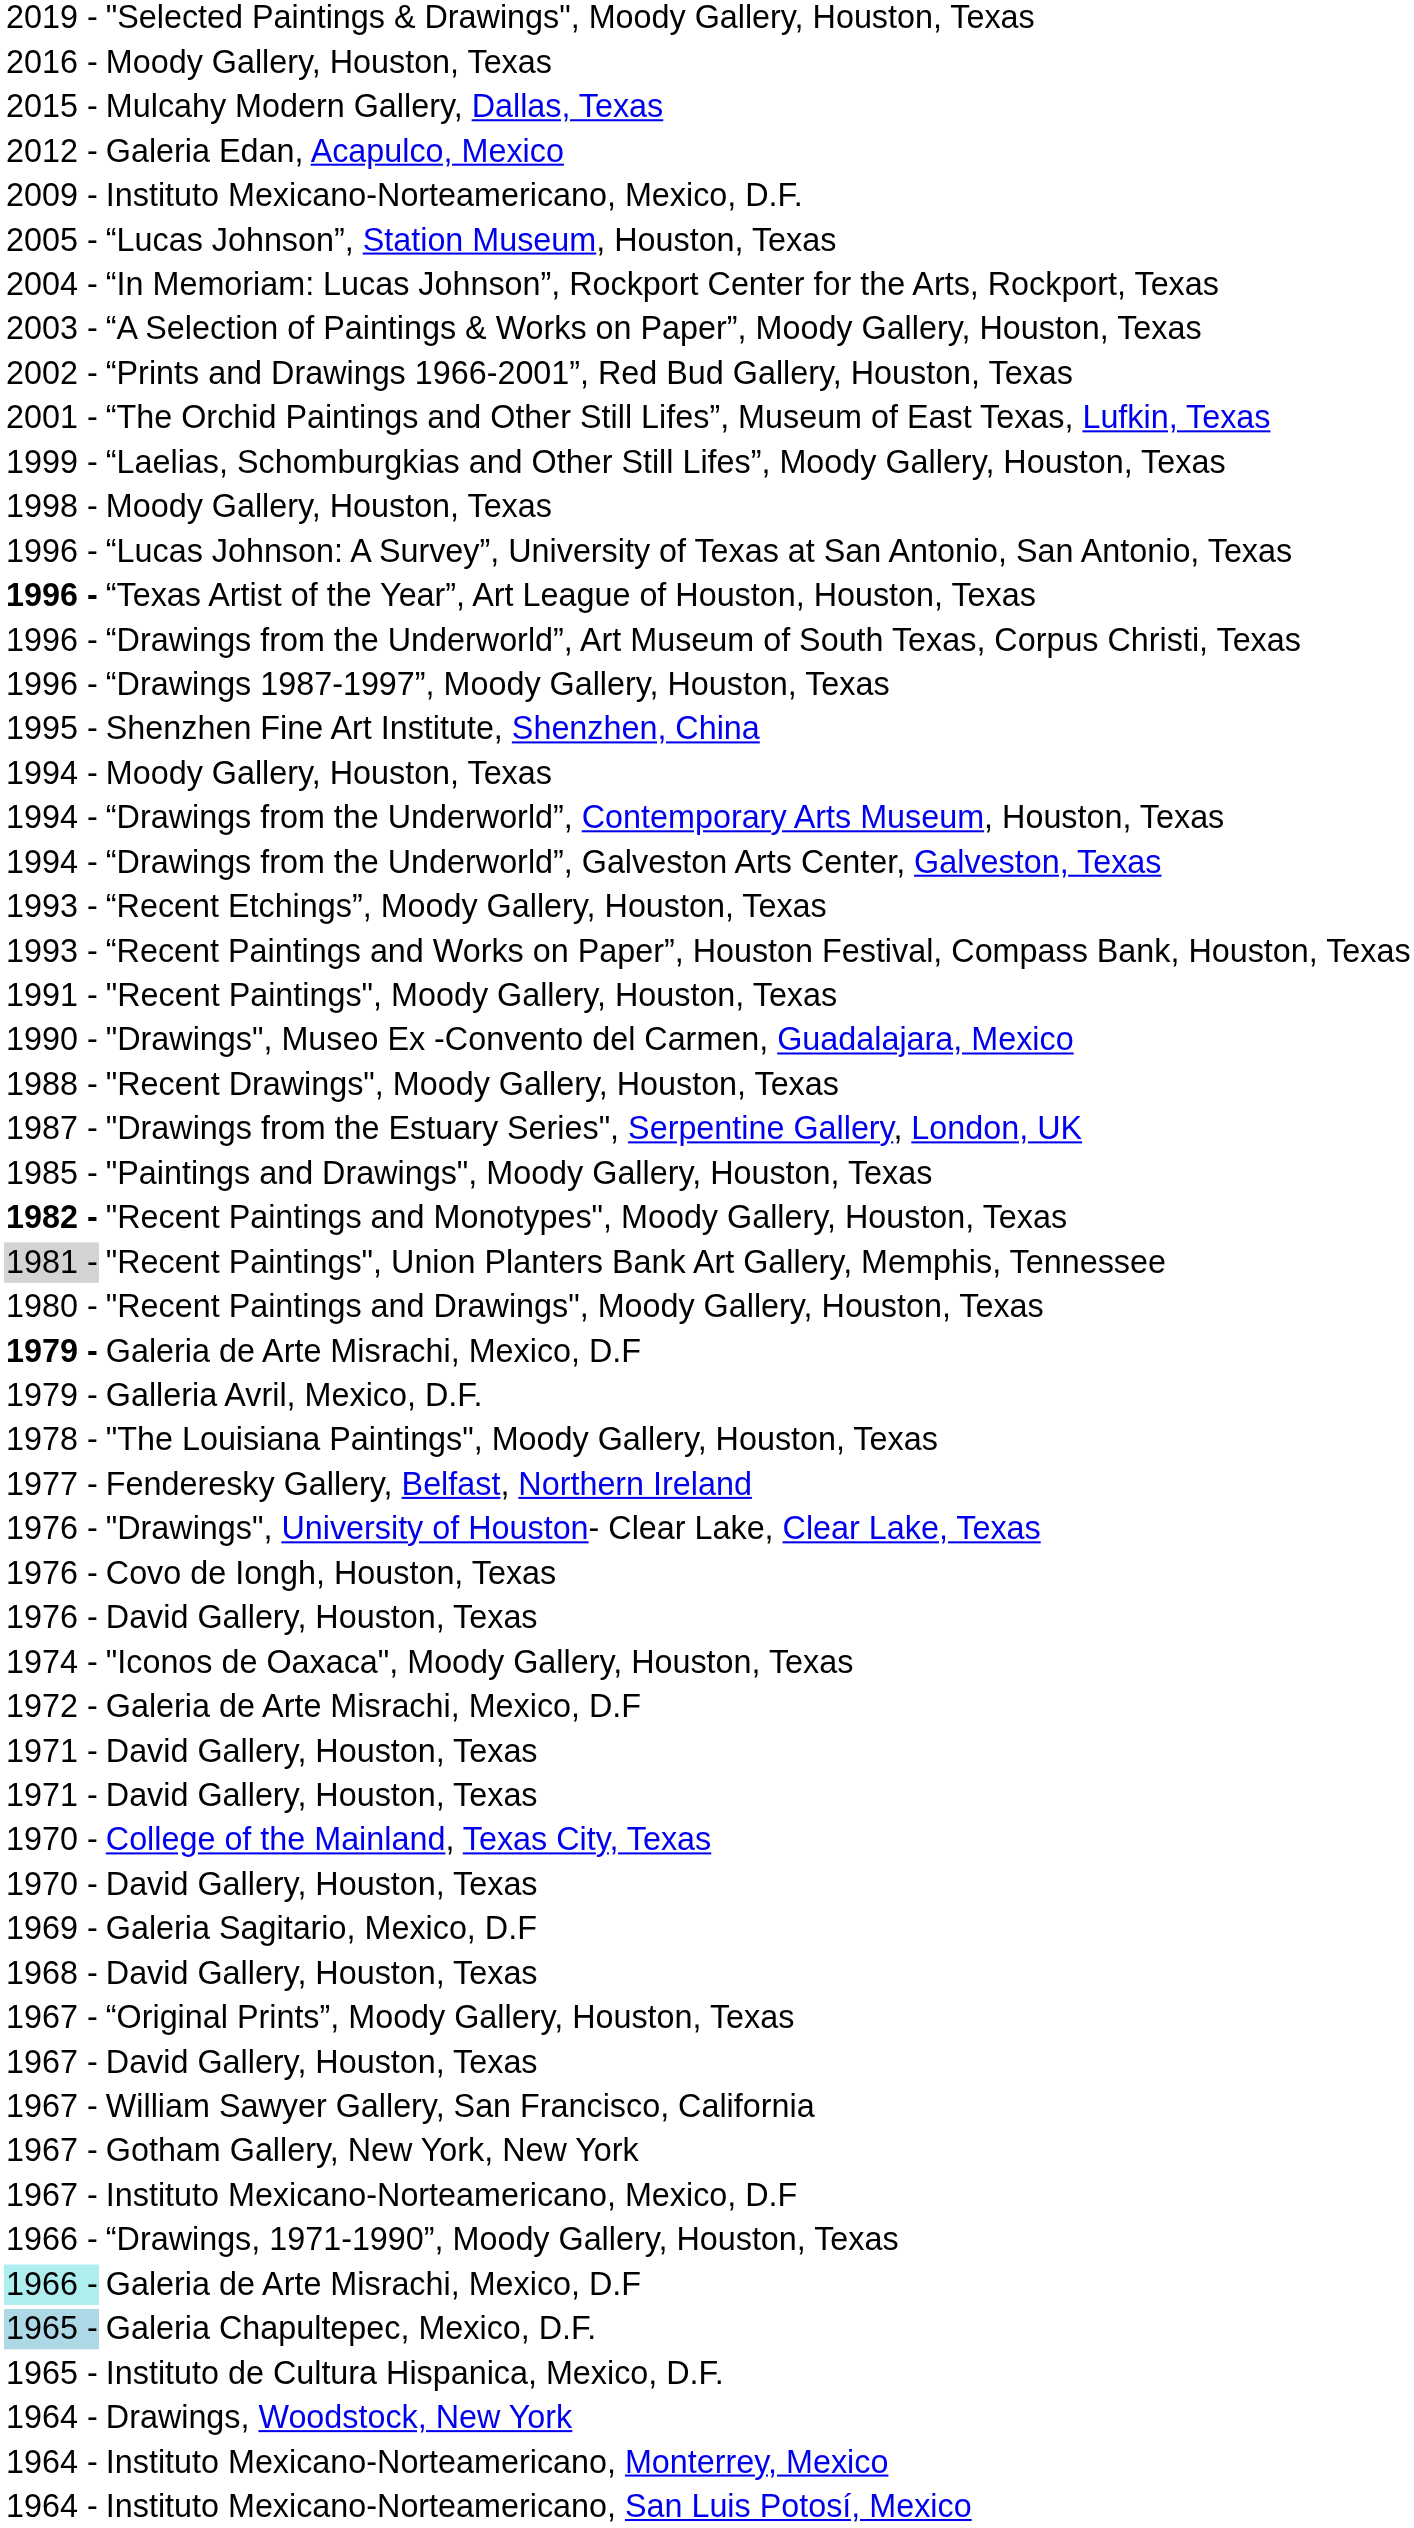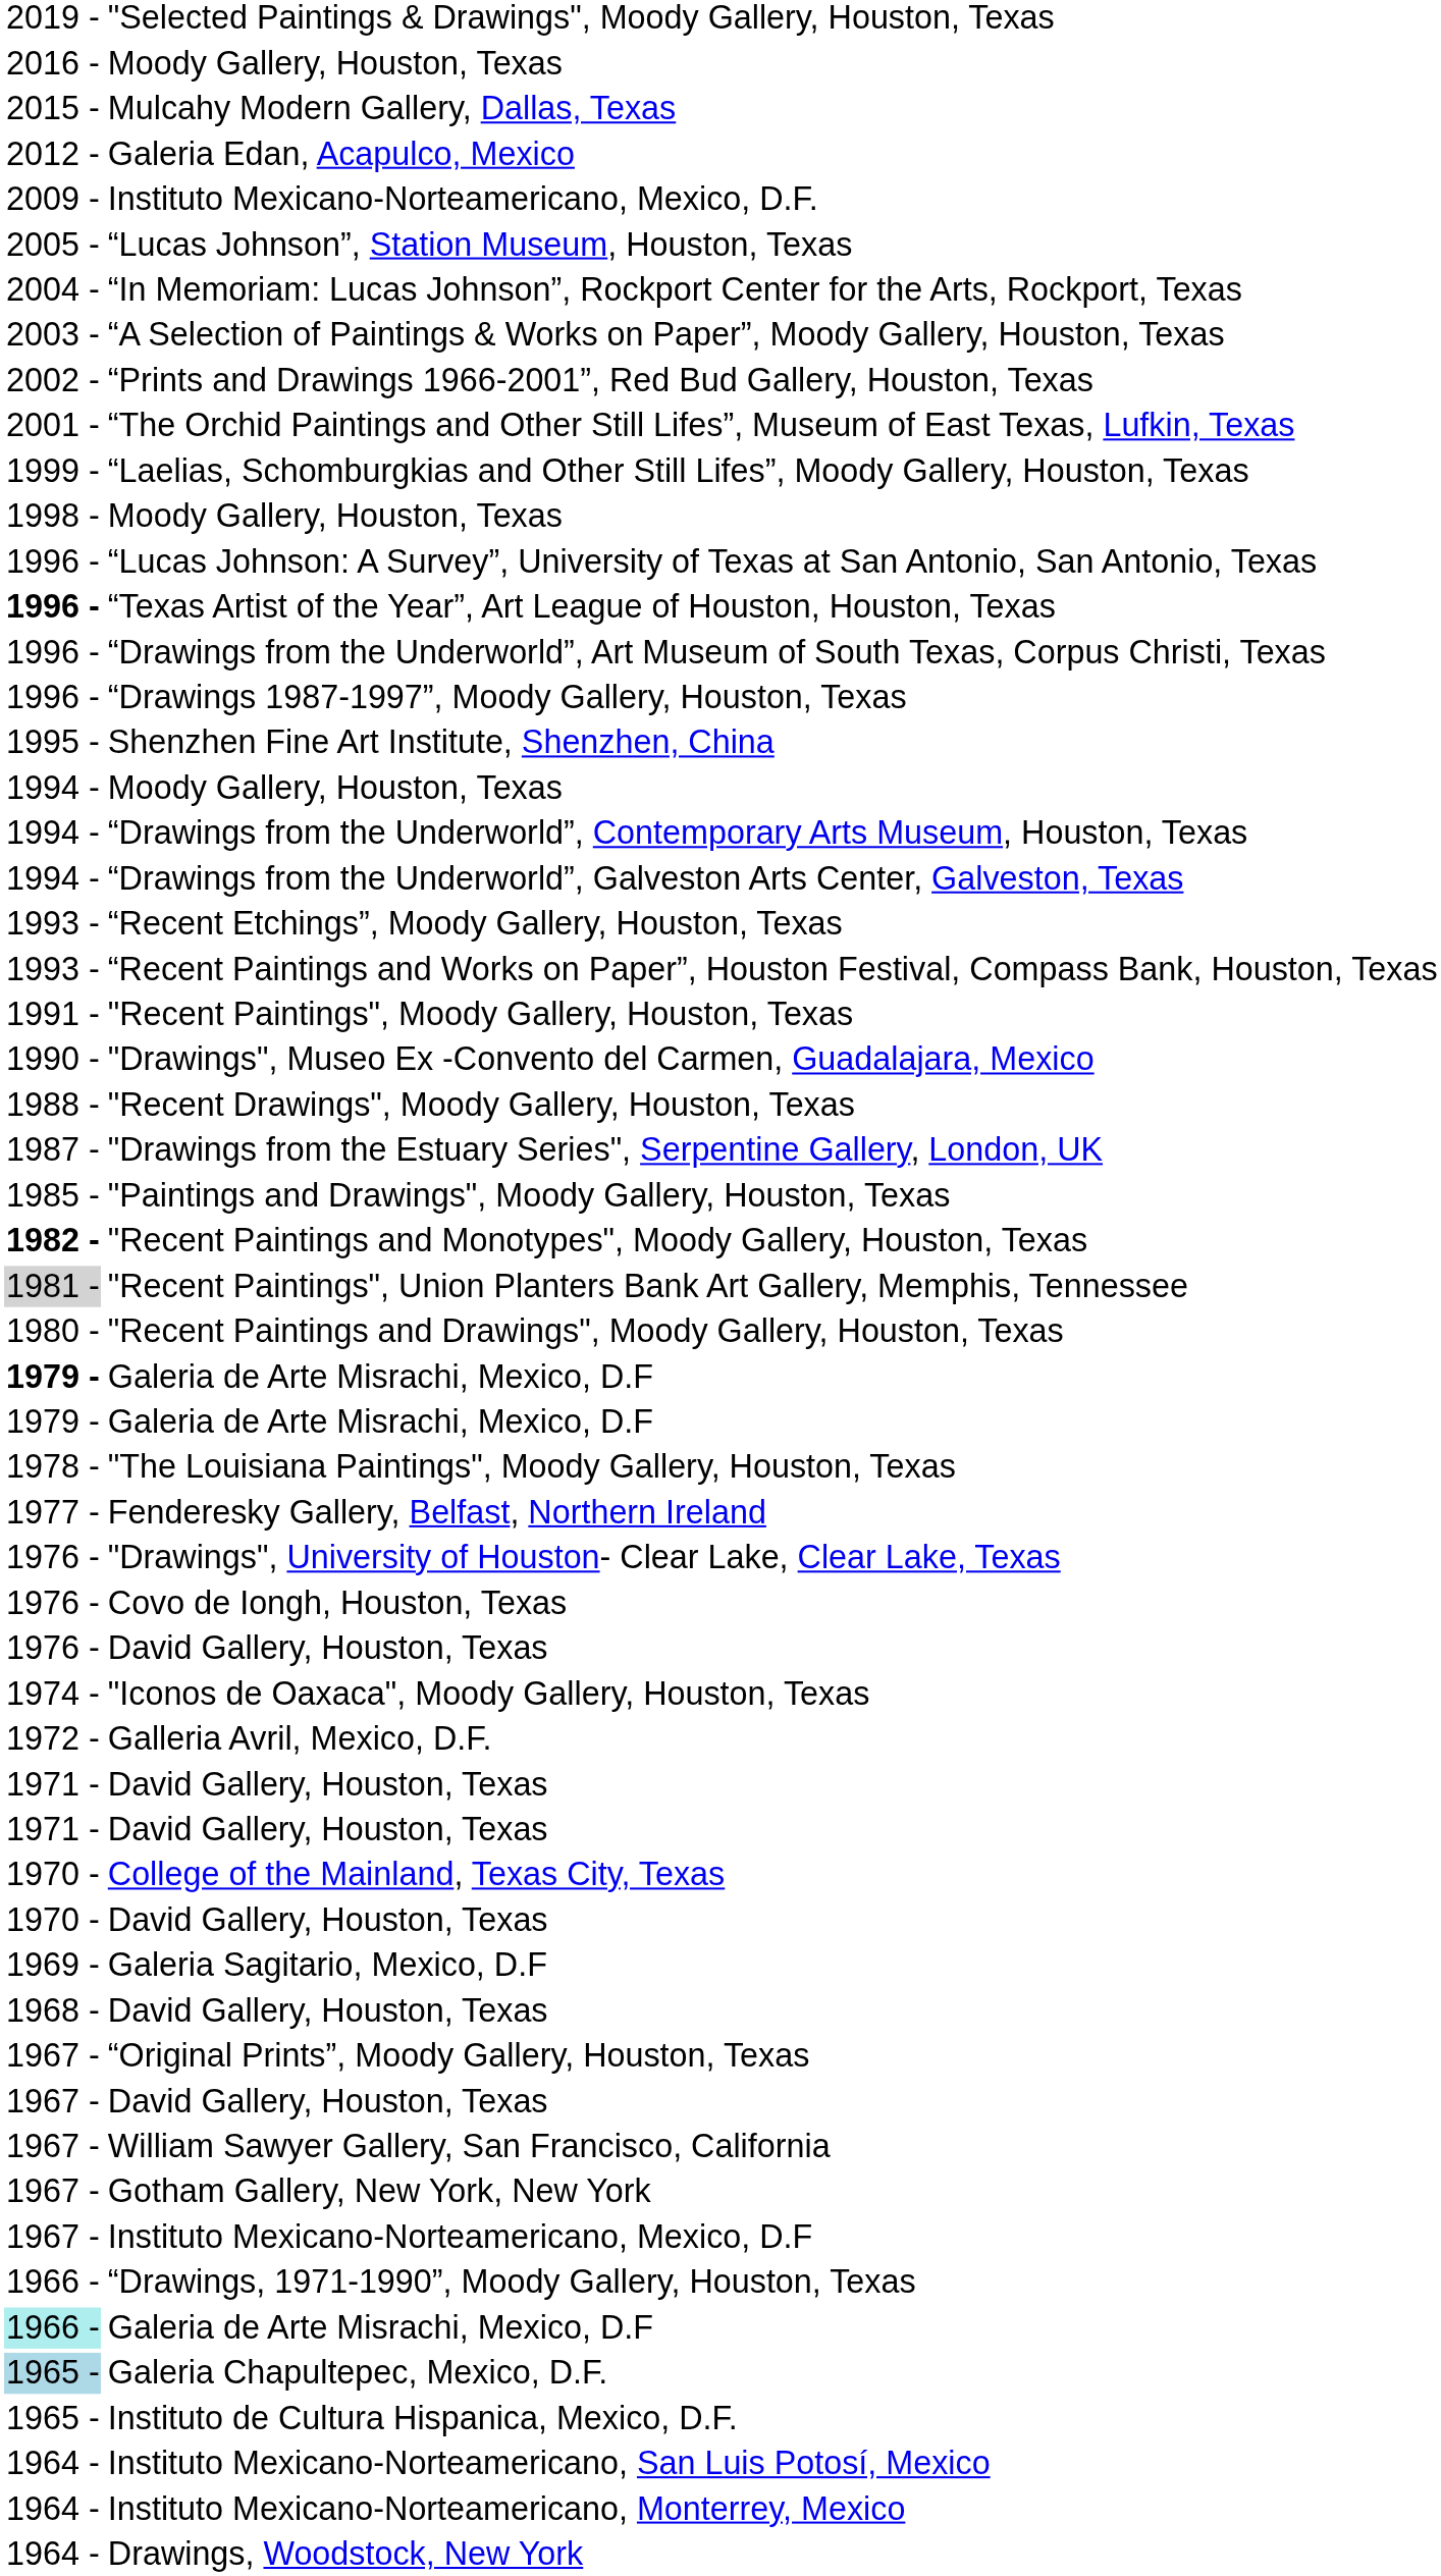 <table>
 <tr>
 <td>2019 -</td>
 <td>"Selected Paintings & Drawings", Moody Gallery, Houston, Texas</td>
 </tr>
 <tr>
 <td>2016 -</td>
 <td>Moody Gallery, Houston, Texas</td>
 </tr>
 <tr>
 <td>2015 -</td>
 <td>Mulcahy Modern Gallery, <a href='#'>Dallas, Texas</a></td>
 </tr>
 <tr>
 <td>2012 -</td>
 <td>Galeria Edan, <a href='#'>Acapulco, Mexico</a></td>
 </tr>
 <tr>
 <td>2009 -</td>
 <td>Instituto Mexicano-Norteamericano, Mexico, D.F.</td>
 </tr>
 <tr>
 <td>2005 -</td>
 <td>“Lucas Johnson”, <a href='#'>Station Museum</a>, Houston, Texas</td>
 </tr>
 <tr>
 <td>2004 -</td>
 <td>“In Memoriam: Lucas Johnson”, Rockport Center for the Arts, Rockport, Texas</td>
 </tr>
 <tr>
 <td>2003 -</td>
 <td>“A Selection of Paintings & Works on Paper”, Moody Gallery, Houston, Texas</td>
 </tr>
 <tr>
 <td>2002 -</td>
 <td>“Prints and Drawings 1966-2001”, Red Bud Gallery, Houston, Texas</td>
 </tr>
 <tr>
 <td>2001 -</td>
 <td>“The Orchid Paintings and Other Still Lifes”, Museum of East Texas, <a href='#'>Lufkin, Texas</a></td>
 </tr>
 <tr>
 <td>1999 -</td>
 <td>“Laelias, Schomburgkias and Other Still Lifes”, Moody Gallery, Houston, Texas</td>
 </tr>
 <tr>
 <td>1998 -</td>
 <td>Moody Gallery, Houston, Texas</td>
 </tr>
 <tr>
 <td>1996 -</td>
 <td>“Lucas Johnson: A Survey”, University of Texas at San Antonio, San Antonio, Texas</td>
 </tr>
 <tr>
 <td><strong>1996 -</strong></td>
 <td>“Texas Artist of the Year”, Art League of Houston, Houston, Texas</td>
 </tr>
 <tr>
 <td>1996 -</td>
 <td>“Drawings from the Underworld”, Art Museum of South Texas, Corpus Christi, Texas</td>
 </tr>
 <tr>
 <td>1996 -</td>
 <td>“Drawings 1987-1997”, Moody Gallery, Houston, Texas</td>
 </tr>
 <tr>
 <td>1995 -</td>
 <td>Shenzhen Fine Art Institute, <a href='#'>Shenzhen, China</a></td>
 </tr>
 <tr>
 <td>1994 -</td>
 <td>Moody Gallery, Houston, Texas</td>
 </tr>
 <tr>
 <td>1994 -</td>
 <td>“Drawings from the Underworld”, <a href='#'>Contemporary Arts Museum</a>, Houston, Texas</td>
 </tr>
 <tr>
 <td>1994 -</td>
 <td>“Drawings from the Underworld”, Galveston Arts Center, <a href='#'>Galveston, Texas</a></td>
 </tr>
 <tr>
 <td>1993 -</td>
 <td>“Recent Etchings”, Moody Gallery, Houston, Texas</td>
 </tr>
 <tr>
 <td>1993 -</td>
 <td>“Recent Paintings and Works on Paper”, Houston Festival, Compass Bank, Houston, Texas</td>
 </tr>
 <tr>
 <td>1991 -</td>
 <td>"Recent Paintings", Moody Gallery, Houston, Texas</td>
 </tr>
 <tr>
 <td>1990 -</td>
 <td>"Drawings", Museo Ex -Convento del Carmen, <a href='#'>Guadalajara, Mexico</a></td>
 </tr>
 <tr>
 <td>1988 -</td>
 <td>"Recent Drawings", Moody Gallery, Houston, Texas</td>
 </tr>
 <tr>
 <td>1987 -</td>
 <td>"Drawings from the Estuary Series", <a href='#'>Serpentine Gallery</a>, <a href='#'>London, UK</a></td>
 </tr>
 <tr>
 <td>1985 -</td>
 <td>"Paintings and Drawings", Moody Gallery, Houston, Texas</td>
 </tr>
 <tr>
 <td><strong>1982 -</strong></td>
 <td>"Recent Paintings and Monotypes", Moody Gallery, Houston, Texas</td>
 </tr>
 <tr>
 <td style="background: lightgrey;">1981 -</td>
 <td>"Recent Paintings", Union Planters Bank Art Gallery, Memphis, Tennessee</td>
 </tr>
 <tr>
 <td>1980 -</td>
 <td>"Recent Paintings and Drawings", Moody Gallery, Houston, Texas</td>
 </tr>
 <tr>
 <td><strong>1979 -</strong></td>
 <td>Galeria de Arte Misrachi, Mexico, D.F</td>
 </tr>
 <tr>
 <td>1979 -</td>
-<td>Galleria Avril, Mexico, D.F.</td>
+<td>Galeria de Arte Misrachi, Mexico, D.F</td>
 </tr>
 <tr>
 <td>1978 -</td>
 <td>"The Louisiana Paintings", Moody Gallery, Houston, Texas</td>
 </tr>
 <tr>
 <td>1977 -</td>
 <td>Fenderesky Gallery, <a href='#'>Belfast</a>, <a href='#'>Northern Ireland</a></td>
 </tr>
 <tr>
 <td>1976 -</td>
 <td>"Drawings", <a href='#'>University of Houston</a>- Clear Lake, <a href='#'>Clear Lake, Texas</a></td>
 </tr>
 <tr>
 <td>1976 -</td>
 <td>Covo de Iongh, Houston, Texas</td>
 </tr>
 <tr>
 <td>1976 -</td>
 <td>David Gallery, Houston, Texas</td>
 </tr>
 <tr>
 <td>1974 -</td>
 <td>"Iconos de Oaxaca", Moody Gallery, Houston, Texas</td>
 </tr>
 <tr>
 <td>1972 -</td>
-<td>Galeria de Arte Misrachi, Mexico, D.F</td>
+<td>Galleria Avril, Mexico, D.F.</td>
 </tr>
 <tr>
 <td>1971 -</td>
 <td>David Gallery, Houston, Texas</td>
 </tr>
 <tr>
 <td>1971 -</td>
 <td>David Gallery, Houston, Texas</td>
 </tr>
 <tr>
 <td>1970 -</td>
 <td><a href='#'>College of the Mainland</a>, <a href='#'>Texas City, Texas</a></td>
 </tr>
 <tr>
 <td>1970 -</td>
 <td>David Gallery, Houston, Texas</td>
 </tr>
 <tr>
 <td>1969 -</td>
 <td>Galeria Sagitario, Mexico, D.F</td>
 </tr>
 <tr>
 <td>1968 -</td>
 <td>David Gallery, Houston, Texas</td>
 </tr>
 <tr>
 <td>1967 -</td>
 <td>“Original Prints”, Moody Gallery, Houston, Texas</td>
 </tr>
 <tr>
 <td>1967 -</td>
 <td>David Gallery, Houston, Texas</td>
 </tr>
 <tr>
 <td>1967 -</td>
 <td>William Sawyer Gallery, San Francisco, California</td>
 </tr>
 <tr>
 <td>1967 -</td>
 <td>Gotham Gallery, New York, New York</td>
 </tr>
 <tr>
 <td>1967 -</td>
 <td>Instituto Mexicano-Norteamericano, Mexico, D.F</td>
 </tr>
 <tr>
 <td>1966 -</td>
 <td>“Drawings, 1971-1990”, Moody Gallery, Houston, Texas</td>
 </tr>
 <tr>
 <td style="background: paleturquoise;">1966 -</td>
 <td>Galeria de Arte Misrachi, Mexico, D.F</td>
 </tr>
 <tr>
 <td style="background: lightblue;">1965 -</td>
 <td>Galeria Chapultepec, Mexico, D.F.</td>
 </tr>
 <tr>
 <td>1965 -</td>
 <td>Instituto de Cultura Hispanica, Mexico, D.F.</td>
 </tr>
 <tr>
 <td>1964 -</td>
-<td>Drawings, <a href='#'>Woodstock, New York</a></td>
+<td>Instituto Mexicano-Norteamericano, <a href='#'>San Luis Potosí, Mexico</a></td>
 </tr>
 <tr>
 <td>1964 -</td>
 <td>Instituto Mexicano-Norteamericano, <a href='#'>Monterrey, Mexico</a></td>
 </tr>
 <tr>
 <td>1964 -</td>
-<td>Instituto Mexicano-Norteamericano, <a href='#'>San Luis Potosí, Mexico</a></td>
+<td>Drawings, <a href='#'>Woodstock, New York</a></td>
 </tr>
 <tr>
 </tr>
 </table>
